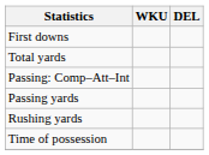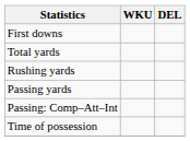 <table class="wikitable" style="float: left;">
 <tr>
 <th>Statistics</th>
 <th>WKU</th>
 <th>DEL</th>
 </tr>
 <tr>
 <td>First downs</td>
 <td></td>
 <td></td>
 </tr>
 <tr>
 <td>Total yards</td>
 <td></td>
 <td></td>
 </tr>
 <tr>
-<td>Passing: Comp–Att–Int</td>
+<td>Rushing yards</td>
 <td></td>
 <td></td>
 </tr>
 <tr>
 <td>Passing yards</td>
 <td></td>
 <td></td>
 </tr>
 <tr>
-<td>Rushing yards</td>
+<td>Passing: Comp–Att–Int</td>
 <td></td>
 <td></td>
 </tr>
 <tr>
 <td>Time of possession</td>
 <td></td>
 <td></td>
 </tr>
 <tr>
 </tr>
 </table>
